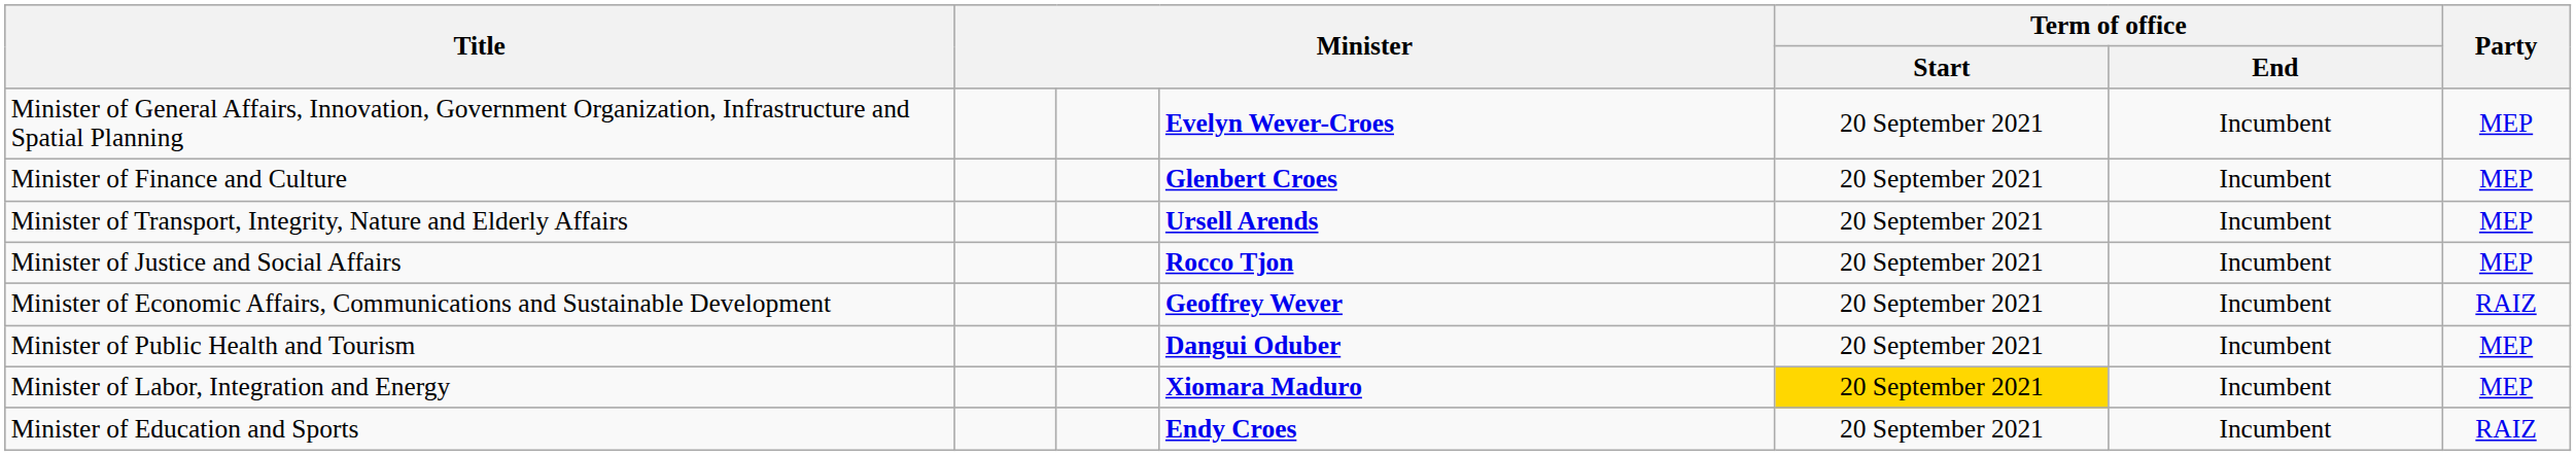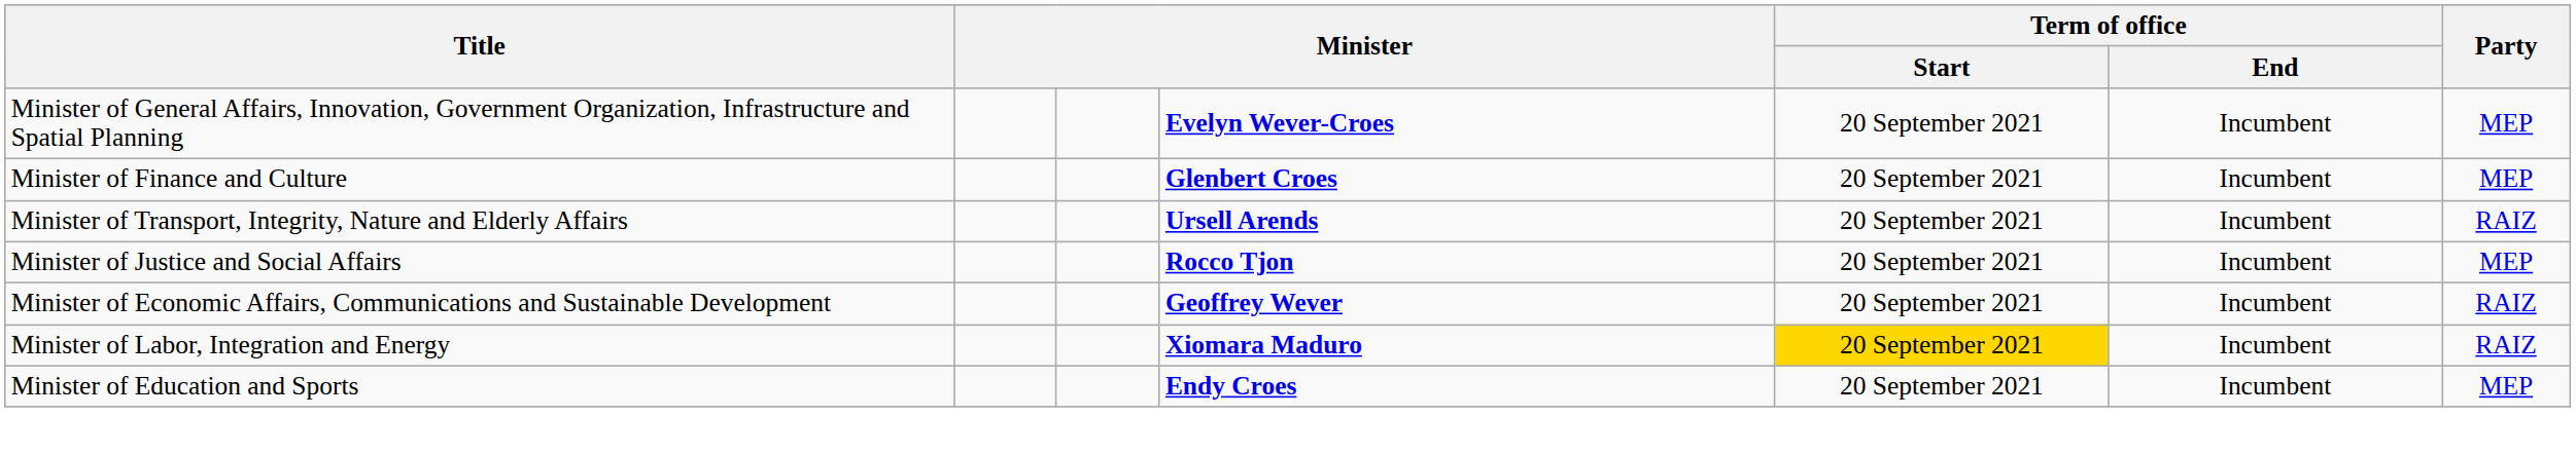 <table class="wikitable sortable" style="text-align:left">
 <tr>
 <th rowspan="2" width="37%">Title</th>
 <th colspan="3" rowspan="2">Minister</th>
 <th colspan="2">Term of office</th>
 <th rowspan="2" width="5%">Party</th>
 </tr>
 <tr>
 <th width="13%" data-sort-type=date>Start</th>
 <th width="13%" data-sort-type=date>End</th>
 </tr>
 <tr>
 <td>Minister of General Affairs, Innovation, Government Organization, Infrastructure and Spatial Planning</td>
 <td style="background:"></td>
 <td></td>
 <td width="24%"><strong><a href='#'>Evelyn Wever-Croes</a></strong></td>
 <td style="text-align:center">20 September 2021</td>
 <td style="text-align:center">Incumbent</td>
 <td style="text-align:center"><a href='#'>MEP</a></td>
 </tr>
 <tr>
 <td>Minister of Finance and Culture</td>
 <td style="background:"></td>
 <td></td>
 <td width="24%"><strong><a href='#'>Glenbert Croes</a></strong></td>
 <td style="text-align:center">20 September 2021</td>
 <td style="text-align:center">Incumbent</td>
 <td style="text-align:center"><a href='#'>MEP</a></td>
 </tr>
 <tr>
 <td>Minister of Transport, Integrity, Nature and Elderly Affairs</td>
 <td style="background:"></td>
 <td></td>
 <td><strong><a href='#'>Ursell Arends</a></strong></td>
 <td style="text-align:center">20 September 2021</td>
 <td style="text-align:center">Incumbent</td>
-<td style="text-align:center"><a href='#'>MEP</a></td>
+<td style="text-align:center"><a href='#'>RAIZ</a></td>
 </tr>
 <tr>
 <td>Minister of Justice and Social Affairs</td>
 <td style="background:"></td>
 <td></td>
 <td width="24%"><strong><a href='#'>Rocco Tjon</a></strong></td>
 <td style="text-align:center">20 September 2021</td>
 <td style="text-align:center">Incumbent</td>
 <td style="text-align:center"><a href='#'>MEP</a></td>
 </tr>
 <tr>
 <td>Minister of Economic Affairs, Communications and Sustainable Development</td>
 <td style="background:"></td>
 <td></td>
 <td><strong><a href='#'>Geoffrey Wever</a></strong></td>
 <td style="text-align:center">20 September 2021</td>
 <td style="text-align:center">Incumbent</td>
 <td style="text-align:center"><a href='#'>RAIZ</a></td>
 </tr>
 <tr>
-<td>Minister of Public Health and Tourism</td>
-<td style="background:"></td>
-<td></td>
-<td width="24%"><strong><a href='#'>Dangui Oduber</a></strong></td>
-<td style="text-align:center">20 September 2021</td>
-<td style="text-align:center">Incumbent</td>
-<td style="text-align:center"><a href='#'>MEP</a></td>
-</tr>
-<tr>
 <td>Minister of Labor, Integration and Energy</td>
 <td style="background:"></td>
 <td></td>
 <td><strong><a href='#'>Xiomara Maduro</a></strong></td>
 <td style="background: gold; text-align:center">20 September 2021</td>
 <td style="text-align:center">Incumbent</td>
-<td style="text-align:center"><a href='#'>MEP</a></td>
+<td style="text-align:center"><a href='#'>RAIZ</a></td>
 </tr>
 <tr>
 <td>Minister of Education and Sports</td>
 <td style="background:"></td>
 <td></td>
 <td width="24%"><strong><a href='#'>Endy Croes</a></strong></td>
 <td style="text-align:center">20 September 2021</td>
 <td style="text-align:center">Incumbent</td>
-<td style="text-align:center"><a href='#'>RAIZ</a></td>
+<td style="text-align:center"><a href='#'>MEP</a></td>
 </tr>
 </table>
